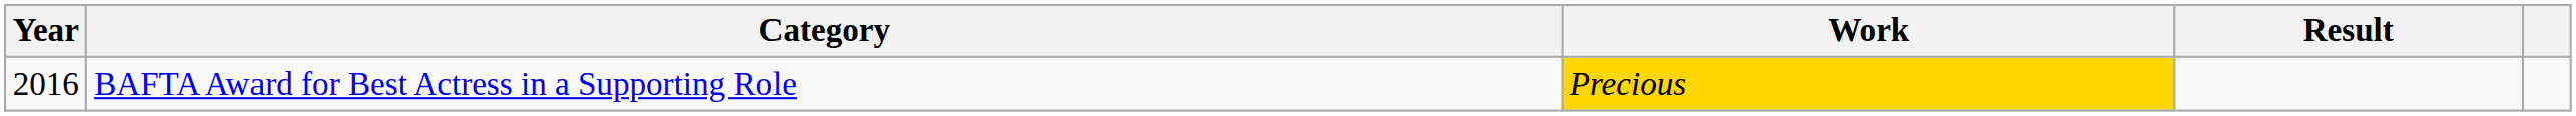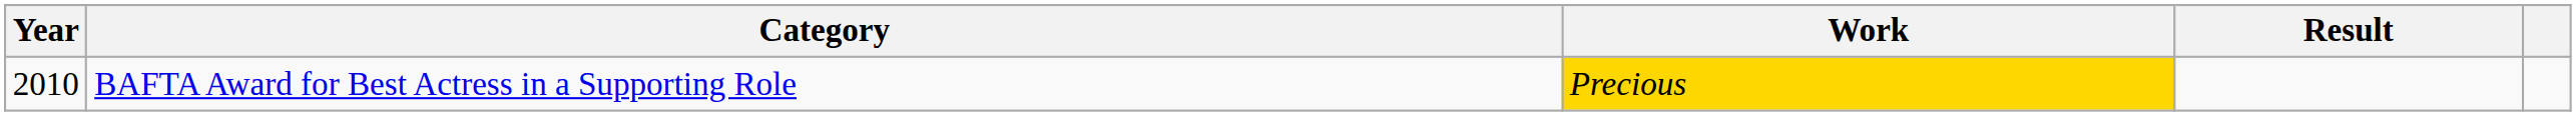 <table class="wikitable">
 <tr>
 <th scope="col" style="width:1em;">Year</th>
 <th scope="col" style="width:44em;">Category</th>
 <th scope="col" style="width:18em;">Work</th>
 <th scope="col" style="width:10em;">Result</th>
 <th class="unsortable" style="width:1em;"></th>
 </tr>
 <tr>
-<td>2016</td>
+<td>2010</td>
 <td><a href='#'>BAFTA Award for Best Actress in a Supporting Role</a></td>
 <td style="background: gold;"><em>Precious</em></td>
 <td></td>
 <td></td>
 </tr>
 </table>
